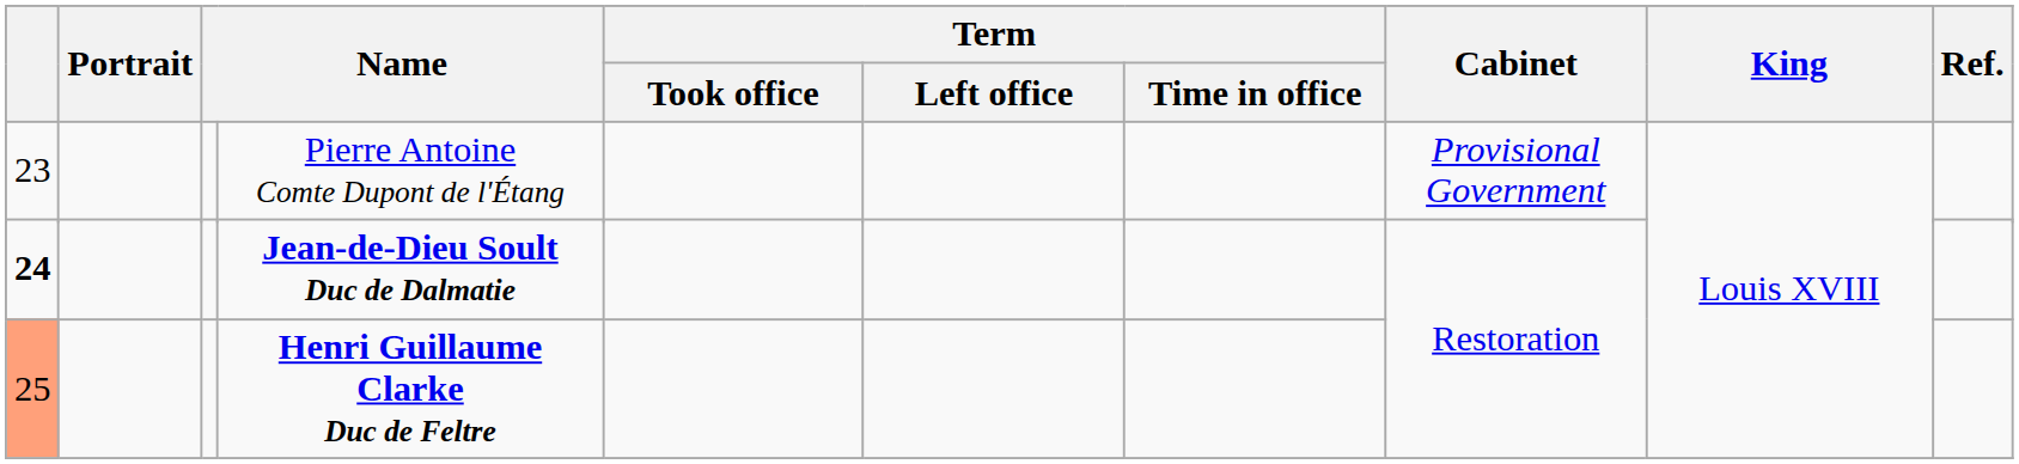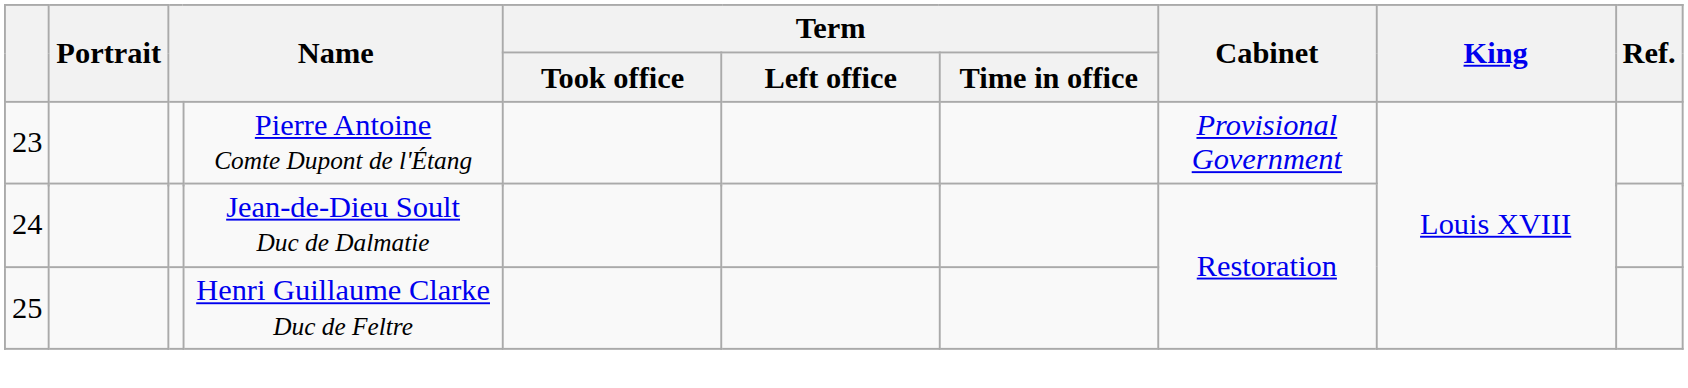 <table class="wikitable" style="text-align:center; width:100%">
 <tr>
 <th style="width:2%" rowspan=2></th>
 <th style="width:5%" rowspan=2>Portrait</th>
 <th style="width:20%" rowspan=2, colspan=2>Name</th>
 <th colspan=3>Term</th>
 <th style="width:13%" rowspan=2>Cabinet</th>
 <th rowspan=2><a href='#'>King</a></th>
 <th style="width:2%" rowspan=2>Ref.</th>
 </tr>
 <tr>
 <th style="width:13%">Took office</th>
 <th style="width:13%">Left office</th>
 <th style="width:13%">Time in office</th>
 </tr>
 <tr>
 <td rowspan=2>23</td>
 <td rowspan=2></td>
 <td rowspan=2 style="background:"></td>
 <td rowspan=2><a href='#'>Pierre Antoine</a><br><small><em>Comte Dupont de l'Étang</em></small></td>
 <td rowspan=2></td>
 <td rowspan=2></td>
 <td rowspan=2></td>
 <td><a href='#'><em>Provisional Government</em></a></td>
 <td rowspan=4><a href='#'>Louis XVIII</a></td>
 <td rowspan=2></td>
 </tr>
 <tr>
 <td rowspan=3><a href='#'>Restoration</a></td>
 </tr>
 <tr>
-<td><strong>24</strong></td>
+<td>24</td>
 <td></td>
 <td style="background:"></td>
-<td><strong><a href='#'>Jean-de-Dieu Soult</a><br><small><em>Duc de Dalmatie</em></small></strong></td>
+<td><a href='#'>Jean-de-Dieu Soult</a><br><small><em>Duc de Dalmatie</em></small></td>
 <td></td>
 <td></td>
 <td></td>
 <td></td>
 </tr>
 <tr>
-<td style="background: lightsalmon;">25</td>
+<td>25</td>
 <td></td>
 <td style="background:"></td>
-<td><strong><a href='#'>Henri Guillaume Clarke</a><br><small><em>Duc de Feltre</em></small></strong></td>
+<td><a href='#'>Henri Guillaume Clarke</a><br><small><em>Duc de Feltre</em></small></td>
 <td></td>
 <td></td>
 <td></td>
 <td></td>
 </tr>
 </table>
